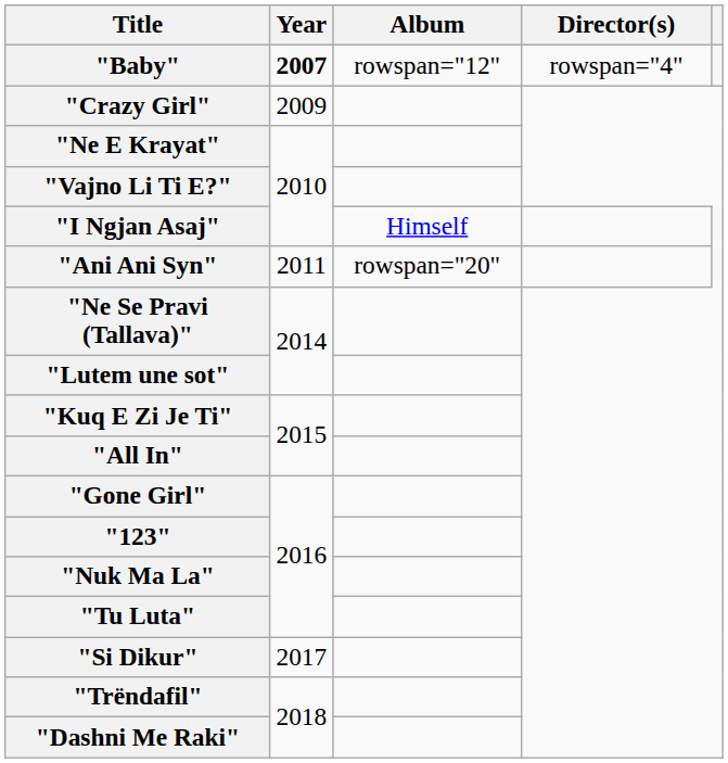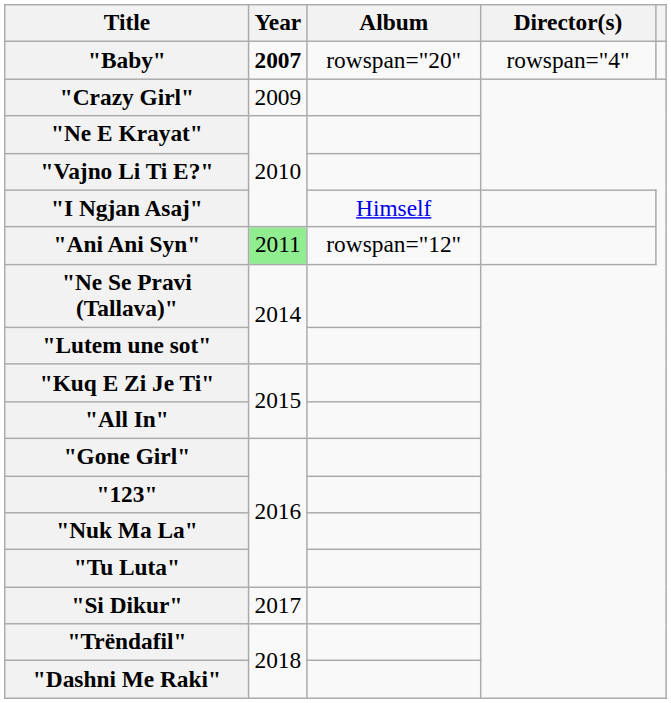 <table class="wikitable plainrowheaders" style="text-align:center;">
 <tr>
 <th scope="col" style="width:10em;">Title</th>
 <th scope="col" style="width:1em;">Year</th>
 <th scope="col" style="width:7em;">Album</th>
 <th scope="col" style="width:7em;">Director(s)</th>
 <th scope="col"></th>
 </tr>
 <tr>
 <th scope="row">"Baby"<br></th>
 <td rowspan="1"><strong>2007</strong></td>
-<td>rowspan="12" </td>
+<td>rowspan="20" </td>
 <td>rowspan="4" </td>
 <td></td>
 </tr>
 <tr>
 <th scope="row">"Crazy Girl"<br></th>
 <td rowspan="1">2009</td>
 <td></td>
 </tr>
 <tr>
 <th scope="row">"Ne E Krayat"<br></th>
 <td rowspan="3">2010</td>
 <td></td>
 </tr>
 <tr>
 <th scope="row">"Vajno Li Ti E?"<br></th>
 <td></td>
 </tr>
 <tr>
 <th scope="row">"I Ngjan Asaj"<br></th>
 <td><a href='#'>Himself</a></td>
 <td></td>
 </tr>
 <tr>
 <th scope="row">"Ani Ani Syn"<br></th>
-<td>2011</td>
-<td>rowspan="20" </td>
+<td style="background: lightgreen;">2011</td>
+<td>rowspan="12" </td>
 <td></td>
 </tr>
 <tr>
 <th scope="row">"Ne Se Pravi (Tallava)"<br></th>
 <td rowspan="2">2014</td>
 <td></td>
 </tr>
 <tr>
 <th scope="row">"Lutem une sot"<br></th>
 <td></td>
 </tr>
 <tr>
 <th scope="row">"Kuq E Zi Je Ti"<br></th>
 <td rowspan="2">2015</td>
 <td></td>
 </tr>
 <tr>
 <th scope="row">"All In"<br></th>
 <td></td>
 </tr>
 <tr>
 <th scope="row">"Gone Girl"<br></th>
 <td rowspan="4">2016</td>
 <td></td>
 </tr>
 <tr>
 <th scope="row">"123"<br></th>
 <td></td>
 </tr>
 <tr>
 <th scope="row">"Nuk Ma La"<br></th>
 <td></td>
 </tr>
 <tr>
 <th scope="row">"Tu Luta"<br></th>
 <td></td>
 </tr>
 <tr>
 <th scope="row">"Si Dikur"<br></th>
 <td>2017</td>
 <td></td>
 </tr>
 <tr>
 <th scope="row">"Trëndafil"<br></th>
 <td rowspan="2">2018</td>
 <td></td>
 </tr>
 <tr>
 <th scope="row">"Dashni Me Raki"<br></th>
 <td></td>
 </tr>
 </table>
